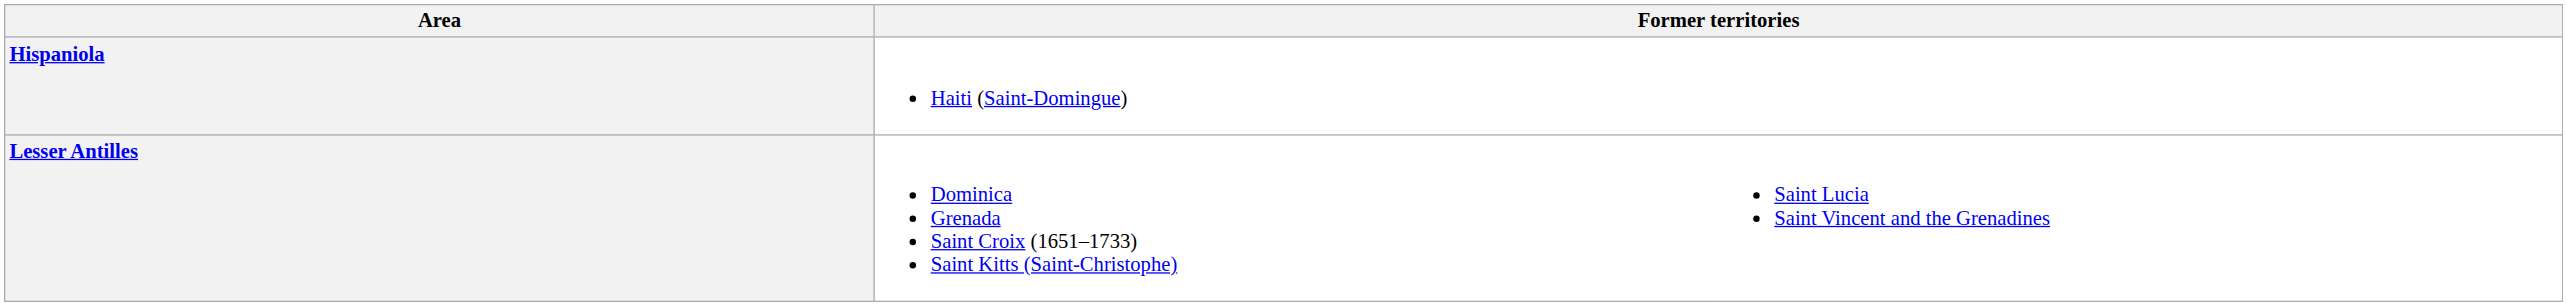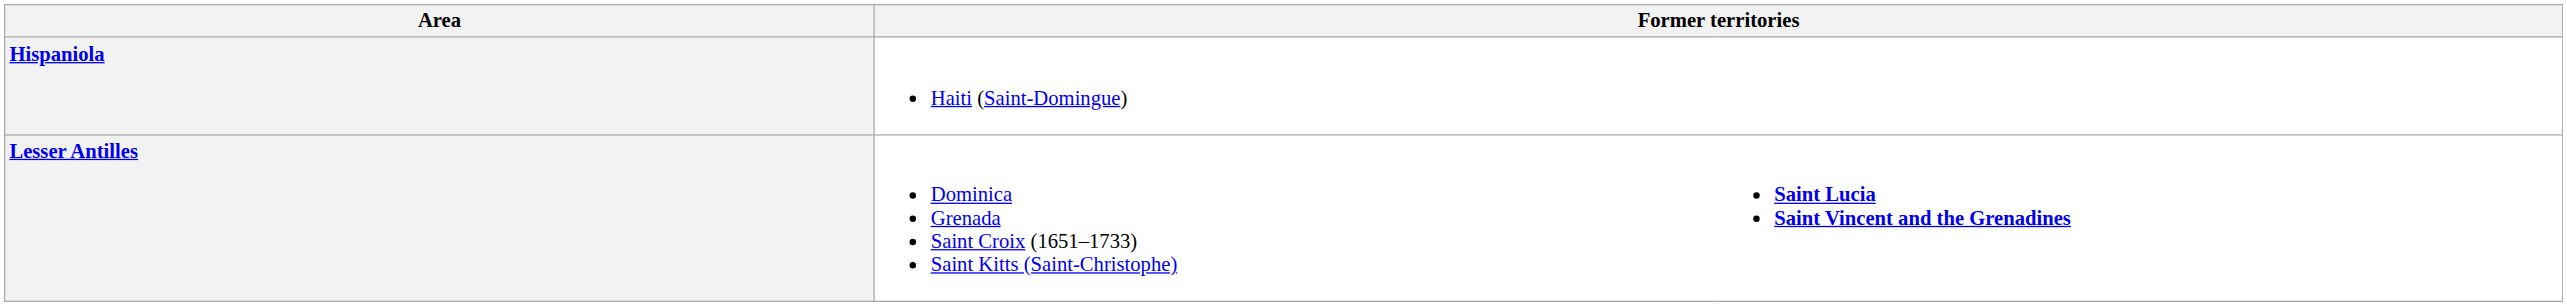 <table width="100%" class="wikitable" style="border:1px solid #AAAAAA;border-collapse:collapse;background:#FFFFFF;color:#000000">
 <tr>
 <th width="34%">Area</th>
 <th width="66%" colspan="2">Former territories</th>
 </tr>
 <tr>
 <th width="34%" valign="top" style="text-align:left"><a href='#'>Hispaniola</a></th>
 <td width="33%" valign="top" style="border-right:none"><br><ul><li> <a href='#'>Haiti</a> (<a href='#'>Saint-Domingue</a>)</li></ul></td>
 </tr>
 <tr>
 <th width="34%" valign="top" style="text-align:left"><a href='#'>Lesser Antilles</a></th>
 <td width="33%" valign="top" style="border-right:none"><br><ul><li> <a href='#'>Dominica</a></li><li> <a href='#'>Grenada</a></li><li> <a href='#'>Saint Croix</a> (1651–1733)</li><li> <a href='#'>Saint Kitts (Saint-Christophe)</a></li></ul></td>
-<td width="33%" valign="top" style="border-left:none"><br><ul><li> <a href='#'>Saint Lucia</a></li><li> <a href='#'>Saint Vincent and the Grenadines</a></li></ul></td>
+<td width="33%" valign="top" style="border-left:none"><strong><br><ul><li> <a href='#'>Saint Lucia</a></li><li> <a href='#'>Saint Vincent and the Grenadines</a></li></ul></strong></td>
 </tr>
 </table>
